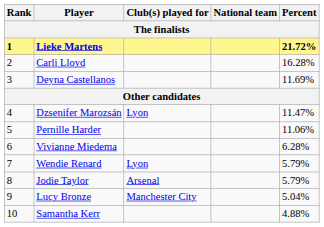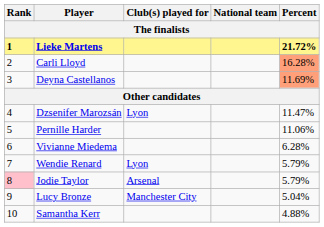 <table class="wikitable">
 <tr>
 <th>Rank</th>
 <th>Player</th>
 <th>Club(s) played for</th>
 <th>National team</th>
 <th>Percent</th>
 </tr>
 <tr>
 <th colspan="5">The finalists</th>
 </tr>
 <tr style="background-color: #FFF68F; font-weight: bold;">
 <td>1</td>
 <td><a href='#'>Lieke Martens</a></td>
 <td></td>
 <td></td>
 <td>21.72%</td>
 </tr>
 <tr>
 <td>2</td>
 <td><a href='#'>Carli Lloyd</a></td>
 <td></td>
 <td></td>
-<td>16.28%</td>
+<td style="background: lightsalmon;">16.28%</td>
 </tr>
 <tr>
 <td>3</td>
 <td><a href='#'>Deyna Castellanos</a></td>
 <td></td>
 <td></td>
-<td>11.69%</td>
+<td style="background: lightsalmon;">11.69%</td>
 </tr>
 <tr>
 <th colspan="5">Other candidates</th>
 </tr>
 <tr>
 <td>4</td>
 <td><a href='#'>Dzsenifer Marozsán</a></td>
 <td> <a href='#'>Lyon</a></td>
 <td></td>
 <td>11.47%</td>
 </tr>
 <tr>
 <td>5</td>
 <td><a href='#'>Pernille Harder</a></td>
 <td></td>
 <td></td>
 <td>11.06%</td>
 </tr>
 <tr>
 <td>6</td>
 <td><a href='#'>Vivianne Miedema</a></td>
 <td></td>
 <td></td>
 <td>6.28%</td>
 </tr>
 <tr>
 <td>7</td>
 <td><a href='#'>Wendie Renard</a></td>
 <td> <a href='#'>Lyon</a></td>
 <td></td>
 <td>5.79%</td>
 </tr>
 <tr>
-<td>8</td>
+<td style="background: pink;">8</td>
 <td><a href='#'>Jodie Taylor</a></td>
 <td> <a href='#'>Arsenal</a></td>
 <td></td>
 <td>5.79%</td>
 </tr>
 <tr>
 <td>9</td>
 <td><a href='#'>Lucy Bronze</a></td>
 <td> <a href='#'>Manchester City</a></td>
 <td></td>
 <td>5.04%</td>
 </tr>
 <tr>
 <td>10</td>
 <td><a href='#'>Samantha Kerr</a></td>
 <td></td>
 <td></td>
 <td>4.88%</td>
 </tr>
 </table>
